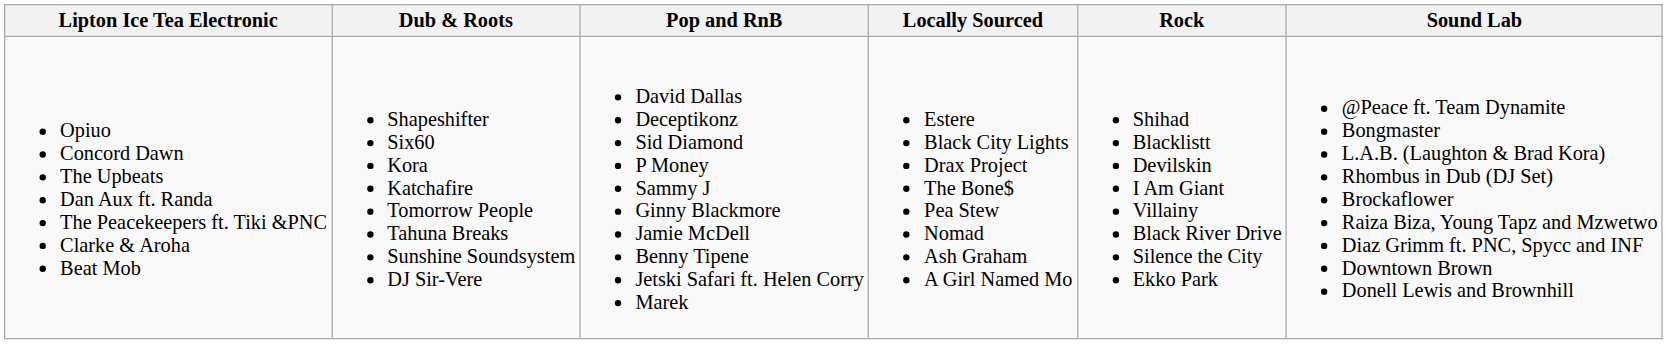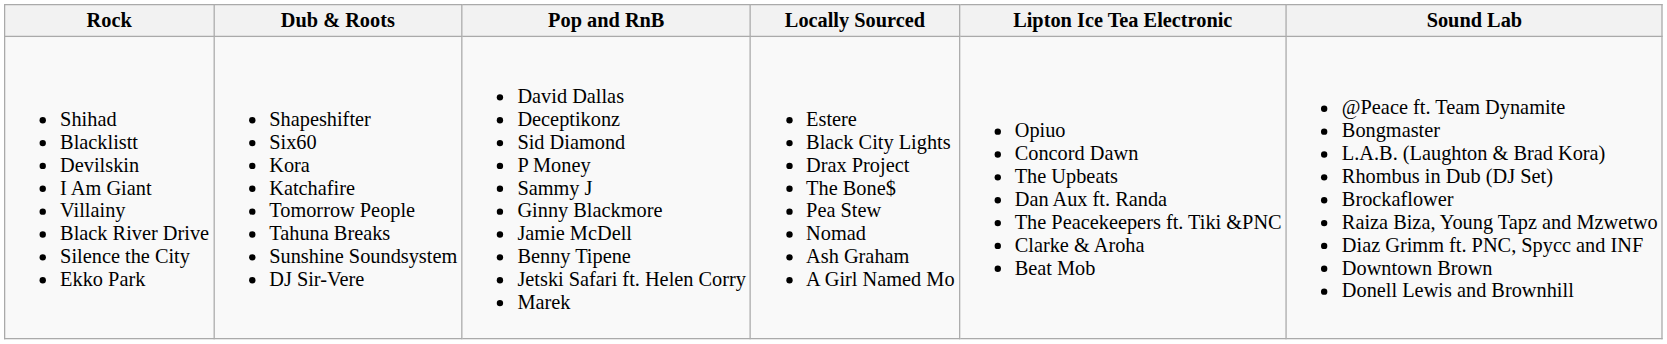 <table class="wikitable vertical-align-top">
 <tr>
-<th>Lipton Ice Tea Electronic</th>
+<th>Rock</th>
 <th>Dub & Roots</th>
 <th>Pop and RnB</th>
 <th>Locally Sourced</th>
-<th>Rock</th>
+<th>Lipton Ice Tea Electronic</th>
 <th>Sound Lab</th>
 </tr>
 <tr>
-<td><br><ul><li>Opiuo</li><li>Concord Dawn</li><li>The Upbeats</li><li>Dan Aux ft. Randa</li><li>The Peacekeepers ft. Tiki &PNC</li><li>Clarke & Aroha</li><li>Beat Mob</li></ul></td>
+<td><br><ul><li>Shihad</li><li>Blacklistt</li><li>Devilskin</li><li>I Am Giant</li><li>Villainy</li><li>Black River Drive</li><li>Silence the City</li><li>Ekko Park</li></ul></td>
 <td><br><ul><li>Shapeshifter</li><li>Six60</li><li>Kora</li><li>Katchafire</li><li>Tomorrow People</li><li>Tahuna Breaks</li><li>Sunshine Soundsystem</li><li>DJ Sir-Vere</li></ul></td>
 <td><br><ul><li>David Dallas</li><li>Deceptikonz</li><li>Sid Diamond</li><li>P Money</li><li>Sammy J</li><li>Ginny Blackmore</li><li>Jamie McDell</li><li>Benny Tipene</li><li>Jetski Safari ft. Helen Corry</li><li>Marek</li></ul></td>
 <td><br><ul><li>Estere</li><li>Black City Lights</li><li>Drax Project</li><li>The Bone$</li><li>Pea Stew</li><li>Nomad</li><li>Ash Graham</li><li>A Girl Named Mo</li></ul></td>
-<td><br><ul><li>Shihad</li><li>Blacklistt</li><li>Devilskin</li><li>I Am Giant</li><li>Villainy</li><li>Black River Drive</li><li>Silence the City</li><li>Ekko Park</li></ul></td>
+<td><br><ul><li>Opiuo</li><li>Concord Dawn</li><li>The Upbeats</li><li>Dan Aux ft. Randa</li><li>The Peacekeepers ft. Tiki &PNC</li><li>Clarke & Aroha</li><li>Beat Mob</li></ul></td>
 <td><br><ul><li>@Peace ft. Team Dynamite</li><li>Bongmaster</li><li>L.A.B. (Laughton & Brad Kora)</li><li>Rhombus in Dub (DJ Set)</li><li>Brockaflower</li><li>Raiza Biza, Young Tapz and Mzwetwo</li><li>Diaz Grimm ft. PNC, Spycc and INF</li><li>Downtown Brown</li><li>Donell Lewis and Brownhill</li></ul></td>
 </tr>
 </table>
